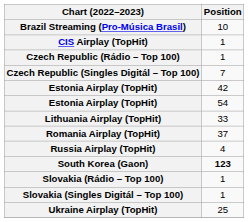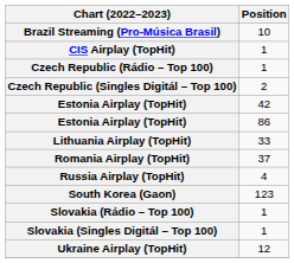 <table class="wikitable sortable plainrowheaders" style="text-align:center">
 <tr>
 <th scope="col">Chart (2022–2023)</th>
 <th scope="col">Position</th>
 </tr>
 <tr>
 <th scope="row">Brazil Streaming (<a href='#'>Pro-Música Brasil</a>)</th>
 <td>10</td>
 </tr>
 <tr>
 <th scope="row"><a href='#'>CIS</a> Airplay (TopHit)</th>
 <td>1</td>
 </tr>
 <tr>
 <th scope="row">Czech Republic (Rádio – Top 100)</th>
 <td>1</td>
 </tr>
 <tr>
 <th scope="row">Czech Republic (Singles Digitál – Top 100)</th>
-<td>7</td>
+<td>2</td>
 </tr>
 <tr>
 <th scope="row">Estonia Airplay (TopHit)</th>
 <td>42</td>
 </tr>
 <tr>
 <th scope="row">Estonia Airplay (TopHit)</th>
-<td>54</td>
+<td>86</td>
 </tr>
 <tr>
 <th scope="row">Lithuania Airplay (TopHit)</th>
 <td>33</td>
 </tr>
 <tr>
 <th scope="row">Romania Airplay (TopHit)</th>
 <td>37</td>
 </tr>
 <tr>
 <th scope="row">Russia Airplay (TopHit)</th>
 <td>4</td>
 </tr>
 <tr>
 <th scope="row">South Korea (Gaon)</th>
-<td><strong>123</strong></td>
+<td>123</td>
 </tr>
 <tr>
 <th scope="row">Slovakia (Rádio – Top 100)</th>
 <td>1</td>
 </tr>
 <tr>
 <th scope="row">Slovakia (Singles Digitál – Top 100)</th>
 <td>1</td>
 </tr>
 <tr>
 <th scope="row">Ukraine Airplay (TopHit)</th>
-<td>25</td>
+<td>12</td>
 </tr>
 <tr>
 </tr>
 </table>
